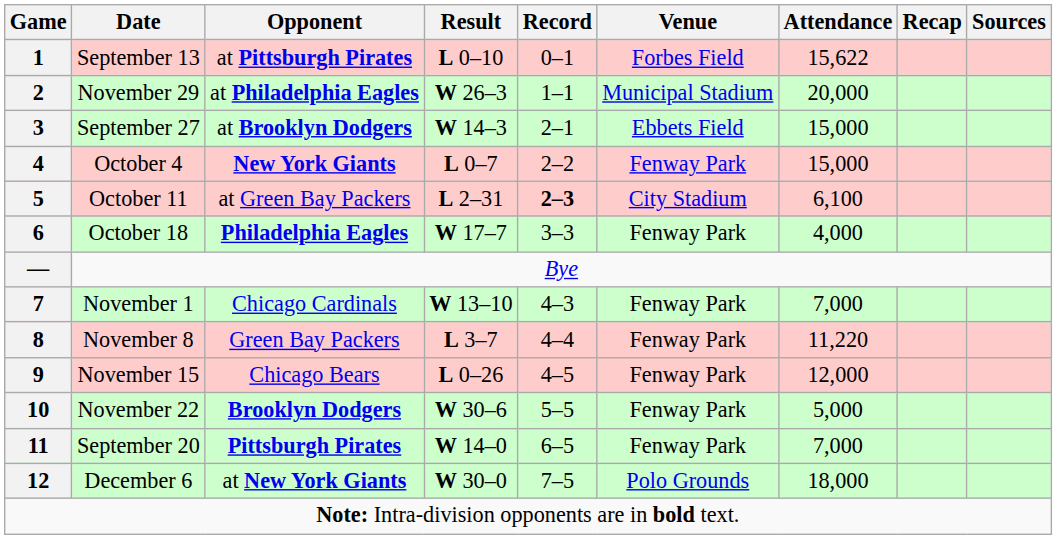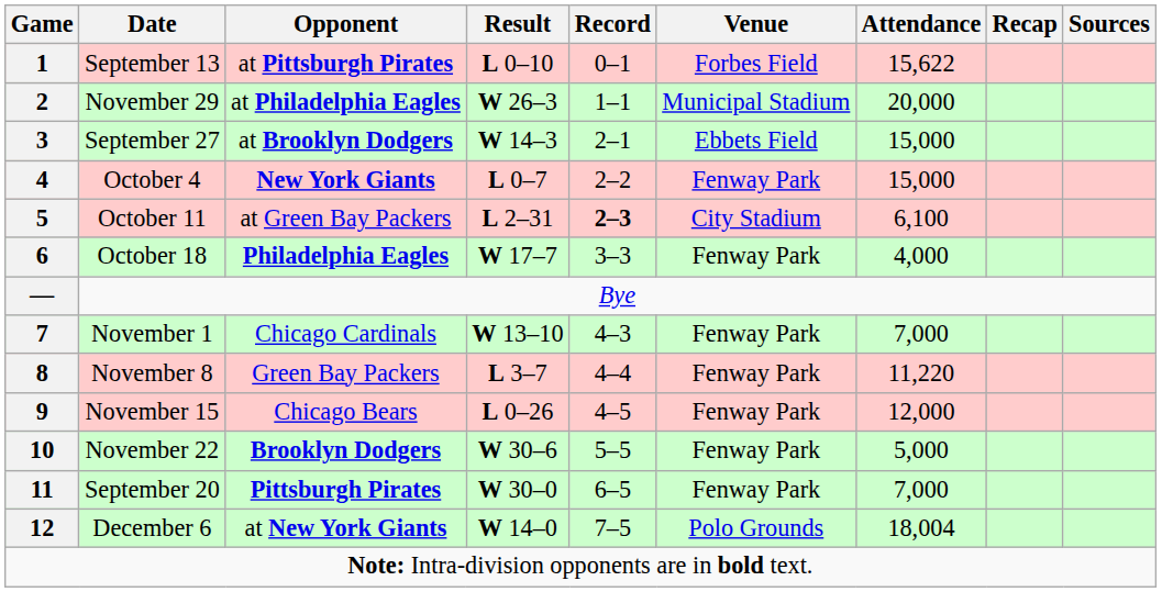 <table class="wikitable" style="text-align:center">
 <tr>
 <th>Game</th>
 <th>Date</th>
 <th>Opponent</th>
 <th>Result</th>
 <th>Record</th>
 <th>Venue</th>
 <th>Attendance</th>
 <th>Recap</th>
 <th>Sources</th>
 </tr>
 <tr style="background:#fcc">
 <th>1</th>
 <td>September 13</td>
 <td>at <strong><a href='#'>Pittsburgh Pirates</a></strong></td>
 <td><strong>L</strong> 0–10</td>
 <td>0–1</td>
 <td><a href='#'>Forbes Field</a></td>
 <td>15,622</td>
 <td></td>
 <td></td>
 </tr>
 <tr style="background:#cfc">
 <th>2</th>
 <td>November 29</td>
 <td>at <strong><a href='#'>Philadelphia Eagles</a></strong></td>
 <td><strong>W</strong> 26–3</td>
 <td>1–1</td>
 <td><a href='#'>Municipal Stadium</a></td>
 <td>20,000</td>
 <td></td>
 <td></td>
 </tr>
 <tr style="background:#cfc">
 <th>3</th>
 <td>September 27</td>
 <td>at <strong><a href='#'>Brooklyn Dodgers</a></strong></td>
 <td><strong>W</strong> 14–3</td>
 <td>2–1</td>
 <td><a href='#'>Ebbets Field</a></td>
 <td>15,000</td>
 <td></td>
 <td></td>
 </tr>
 <tr style="background:#fcc">
 <th>4</th>
 <td>October 4</td>
 <td><strong><a href='#'>New York Giants</a></strong></td>
 <td><strong>L</strong> 0–7</td>
 <td>2–2</td>
 <td><a href='#'>Fenway Park</a></td>
 <td>15,000</td>
 <td></td>
 <td></td>
 </tr>
 <tr style="background:#fcc">
 <th>5</th>
 <td>October 11</td>
 <td>at <a href='#'>Green Bay Packers</a></td>
 <td><strong>L</strong> 2–31</td>
 <td><strong>2–3</strong></td>
 <td><a href='#'>City Stadium</a></td>
 <td>6,100</td>
 <td></td>
 <td></td>
 </tr>
 <tr style="background:#cfc">
 <th>6</th>
 <td>October 18</td>
 <td><strong><a href='#'>Philadelphia Eagles</a></strong></td>
 <td><strong>W</strong> 17–7</td>
 <td>3–3</td>
 <td>Fenway Park</td>
 <td>4,000</td>
 <td></td>
 <td></td>
 </tr>
 <tr>
 <th>—</th>
 <td colspan=8 align="center"><em><a href='#'>Bye</a></em></td>
 </tr>
 <tr style="background:#cfc">
 <th>7</th>
 <td>November 1</td>
 <td><a href='#'>Chicago Cardinals</a></td>
 <td><strong>W</strong> 13–10</td>
 <td>4–3</td>
 <td>Fenway Park</td>
 <td>7,000</td>
 <td></td>
 <td></td>
 </tr>
 <tr style="background:#fcc">
 <th>8</th>
 <td>November 8</td>
 <td><a href='#'>Green Bay Packers</a></td>
 <td><strong>L</strong> 3–7</td>
 <td>4–4</td>
 <td>Fenway Park</td>
 <td>11,220</td>
 <td></td>
 <td></td>
 </tr>
 <tr style="background:#fcc">
 <th>9</th>
 <td>November 15</td>
 <td><a href='#'>Chicago Bears</a></td>
 <td><strong>L</strong> 0–26</td>
 <td>4–5</td>
 <td>Fenway Park</td>
 <td>12,000</td>
 <td></td>
 <td></td>
 </tr>
 <tr style="background:#cfc">
 <th>10</th>
 <td>November 22</td>
 <td><strong><a href='#'>Brooklyn Dodgers</a></strong></td>
 <td><strong>W</strong> 30–6</td>
 <td>5–5</td>
 <td>Fenway Park</td>
 <td>5,000</td>
 <td></td>
 <td></td>
 </tr>
 <tr style="background:#cfc">
 <th>11</th>
 <td>September 20</td>
 <td><strong><a href='#'>Pittsburgh Pirates</a></strong></td>
-<td><strong>W</strong> 14–0</td>
+<td><strong>W</strong> 30–0</td>
 <td>6–5</td>
 <td>Fenway Park</td>
 <td>7,000</td>
 <td></td>
 <td></td>
 </tr>
 <tr style="background:#cfc">
 <th>12</th>
 <td>December 6</td>
 <td>at <strong><a href='#'>New York Giants</a></strong></td>
-<td><strong>W</strong> 30–0</td>
+<td><strong>W</strong> 14–0</td>
 <td>7–5</td>
 <td><a href='#'>Polo Grounds</a></td>
-<td>18,000</td>
+<td>18,004</td>
 <td></td>
 <td></td>
 </tr>
 <tr>
 <td colspan="10"><strong>Note:</strong> Intra-division opponents are in <strong>bold</strong> text.</td>
 </tr>
 </table>
